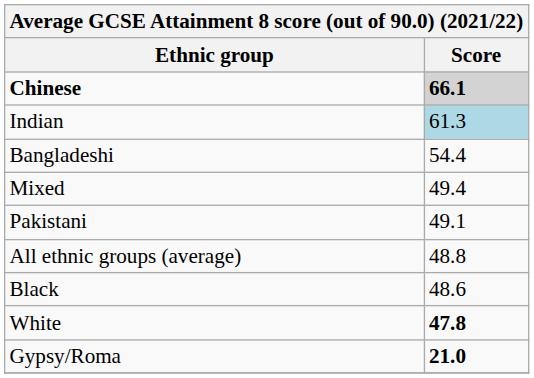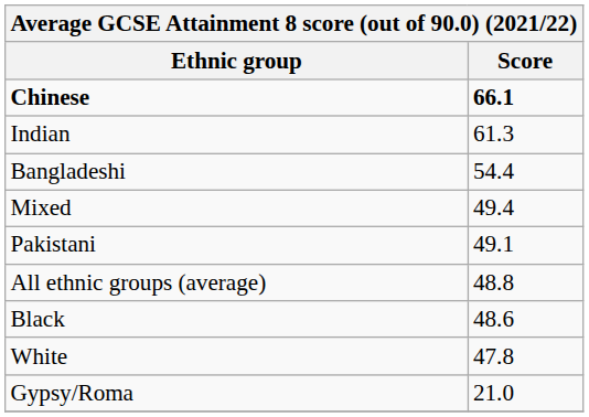 <table class="wikitable sortable">
 <tr>
 <th colspan="3">Average GCSE Attainment 8 score (out of 90.0) (2021/22)</th>
 </tr>
 <tr>
 <th>Ethnic group</th>
 <th>Score</th>
 </tr>
 <tr>
 <td><strong>Chinese</strong></td>
-<td style="background: lightgrey;"><strong>66.1</strong></td>
+<td><strong>66.1</strong></td>
 </tr>
 <tr>
 <td>Indian</td>
-<td style="background: lightblue;">61.3</td>
+<td>61.3</td>
 </tr>
 <tr>
 <td>Bangladeshi</td>
 <td>54.4</td>
 </tr>
 <tr>
 <td>Mixed</td>
 <td>49.4</td>
 </tr>
 <tr>
 <td>Pakistani</td>
 <td>49.1</td>
 </tr>
 <tr>
 <td>All ethnic groups (average)</td>
 <td>48.8</td>
 </tr>
 <tr>
 <td>Black</td>
 <td>48.6</td>
 </tr>
 <tr>
 <td>White</td>
-<td><strong>47.8</strong></td>
+<td>47.8</td>
 </tr>
 <tr>
 <td>Gypsy/Roma</td>
-<td><strong>21.0</strong></td>
+<td>21.0</td>
 </tr>
 <tr>
 </tr>
 </table>
